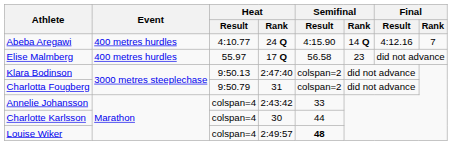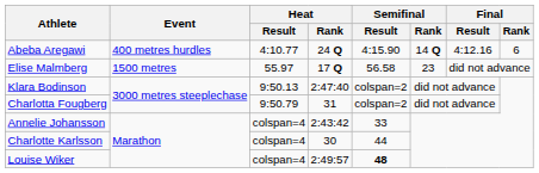 <table class="wikitable" style="font-size:90%">
 <tr>
 <th rowspan="2">Athlete</th>
 <th rowspan="2">Event</th>
 <th colspan="2">Heat</th>
 <th colspan="2">Semifinal</th>
 <th colspan="2">Final</th>
 </tr>
 <tr style="font-size:95%">
 <th>Result</th>
 <th>Rank</th>
 <th>Result</th>
 <th>Rank</th>
 <th>Result</th>
 <th>Rank</th>
 </tr>
 <tr align=center>
 <td align=left><a href='#'>Abeba Aregawi</a></td>
 <td align=left><a href='#'>400 metres hurdles</a></td>
 <td>4:10.77</td>
 <td>24 <strong>Q</strong></td>
 <td>4:15.90</td>
 <td>14 <strong>Q</strong></td>
 <td>4:12.16</td>
-<td>7</td>
+<td>6</td>
 </tr>
 <tr align=center>
 <td align=left><a href='#'>Elise Malmberg</a></td>
-<td align=left><a href='#'>400 metres hurdles</a></td>
+<td align=left><a href='#'>1500 metres</a></td>
 <td>55.97</td>
 <td>17 <strong>Q</strong></td>
 <td>56.58</td>
 <td>23</td>
 <td colspan=2>did not advance</td>
 </tr>
 <tr align=center>
 <td align=left><a href='#'>Klara Bodinson</a></td>
 <td align=left rowspan=2><a href='#'>3000 metres steeplechase</a></td>
 <td>9:50.13</td>
 <td>2:47:40</td>
 <td>colspan=2 </td>
 <td colspan=2>did not advance</td>
 </tr>
 <tr align=center>
 <td align=left><a href='#'>Charlotta Fougberg</a></td>
 <td>9:50.79</td>
 <td>31</td>
 <td>colspan=2 </td>
 <td colspan=2>did not advance</td>
 </tr>
 <tr align=center>
 <td align=left><a href='#'>Annelie Johansson</a></td>
 <td align=left rowspan=3><a href='#'>Marathon</a></td>
 <td>colspan=4 </td>
 <td>2:43:42</td>
 <td>33</td>
 </tr>
 <tr align=center>
 <td align=left><a href='#'>Charlotte Karlsson</a></td>
 <td>colspan=4 </td>
 <td>30</td>
 <td>44</td>
 </tr>
 <tr align=center>
 <td align=left><a href='#'>Louise Wiker</a></td>
 <td>colspan=4 </td>
 <td>2:49:57</td>
 <td><strong>48</strong></td>
 </tr>
 </table>
